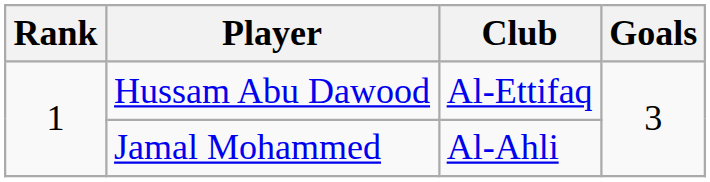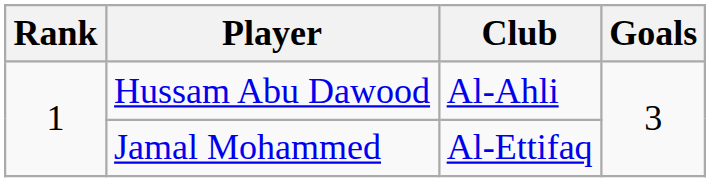 <table class="wikitable sortable" style="text-align:center">
 <tr>
 <th>Rank</th>
 <th>Player</th>
 <th>Club</th>
 <th>Goals</th>
 </tr>
 <tr>
 <td rowspan=2>1</td>
 <td align="left"><strong></strong> <a href='#'>Hussam Abu Dawood</a></td>
-<td align="left"><a href='#'>Al-Ettifaq</a></td>
+<td align="left"><a href='#'>Al-Ahli</a></td>
 <td rowspan=2>3</td>
 </tr>
 <tr>
 <td align="left"><strong></strong> <a href='#'>Jamal Mohammed</a></td>
-<td align="left"><a href='#'>Al-Ahli</a></td>
+<td align="left"><a href='#'>Al-Ettifaq</a></td>
 </tr>
 </table>
